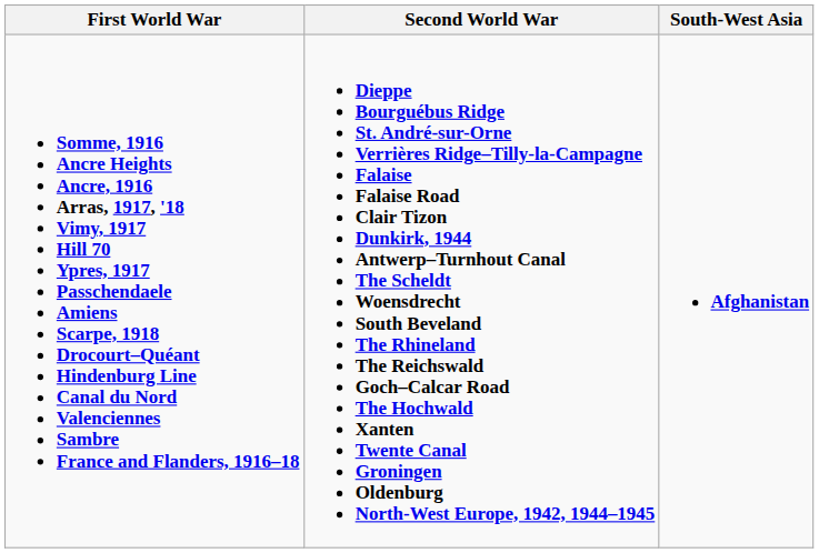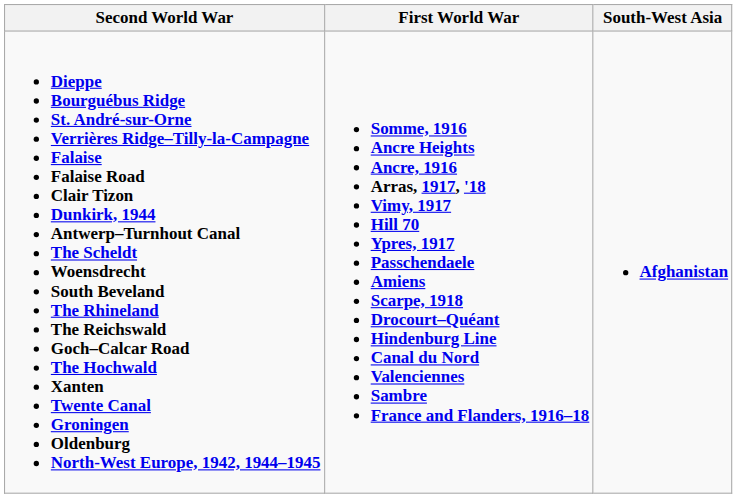 <table class="wikitable">
 <tr>
+<th>Second World War</th>
 <th>First World War</th>
-<th>Second World War</th>
 <th>South-West Asia</th>
 </tr>
 <tr>
+<td><br><ul><li><a href='#'><strong>Dieppe</strong></a></li><li><a href='#'><strong>Bourguébus Ridge</strong></a></li><li><a href='#'><strong>St. André-sur-Orne</strong></a></li><li><strong><a href='#'>Verrières Ridge–Tilly-la-Campagne</a></strong></li><li><a href='#'><strong>Falaise</strong></a></li><li><strong>Falaise Road</strong></li><li><strong>Clair Tizon</strong></li><li><strong><a href='#'>Dunkirk, 1944</a></strong></li><li><strong>Antwerp–Turnhout Canal</strong></li><li><a href='#'><strong>The Scheldt</strong></a></li><li><strong>Woensdrecht</strong></li><li><strong>South Beveland</strong></li><li><a href='#'><strong>The Rhineland</strong></a></li><li><strong>The Reichswald</strong></li><li><strong>Goch–Calcar Road</strong></li><li><a href='#'><strong>The Hochwald</strong></a></li><li><strong>Xanten</strong></li><li><a href='#'><strong>Twente Canal</strong></a></li><li><a href='#'><strong>Groningen</strong></a></li><li><strong>Oldenburg</strong></li><li><strong><a href='#'>North-West Europe, 1942, 1944–1945</a></strong></li></ul></td>
 <td><br><ul><li><strong><a href='#'>Somme, 1916</a></strong></li><li><strong><a href='#'>Ancre Heights</a></strong></li><li><strong><a href='#'>Ancre, 1916</a></strong></li><li><strong>Arras, <a href='#'>1917</a>, <a href='#'>'18</a></strong></li><li><strong><a href='#'>Vimy, 1917</a></strong></li><li><strong><a href='#'>Hill 70</a></strong></li><li><strong><a href='#'>Ypres, 1917</a></strong></li><li><strong><a href='#'>Passchendaele</a></strong></li><li><strong><a href='#'>Amiens</a></strong></li><li><strong><a href='#'>Scarpe, 1918</a></strong></li><li><strong><a href='#'>Drocourt–Quéant</a></strong></li><li><strong><a href='#'>Hindenburg Line</a></strong></li><li><strong><a href='#'>Canal du Nord</a></strong></li><li><strong><a href='#'>Valenciennes</a></strong></li><li><strong><a href='#'>Sambre</a></strong></li><li><strong><a href='#'>France and Flanders, 1916–18</a></strong></li></ul></td>
-<td><br><ul><li><a href='#'><strong>Dieppe</strong></a></li><li><a href='#'><strong>Bourguébus Ridge</strong></a></li><li><a href='#'><strong>St. André-sur-Orne</strong></a></li><li><strong><a href='#'>Verrières Ridge–Tilly-la-Campagne</a></strong></li><li><a href='#'><strong>Falaise</strong></a></li><li><strong>Falaise Road</strong></li><li><strong>Clair Tizon</strong></li><li><strong><a href='#'>Dunkirk, 1944</a></strong></li><li><strong>Antwerp–Turnhout Canal</strong></li><li><a href='#'><strong>The Scheldt</strong></a></li><li><strong>Woensdrecht</strong></li><li><strong>South Beveland</strong></li><li><a href='#'><strong>The Rhineland</strong></a></li><li><strong>The Reichswald</strong></li><li><strong>Goch–Calcar Road</strong></li><li><a href='#'><strong>The Hochwald</strong></a></li><li><strong>Xanten</strong></li><li><a href='#'><strong>Twente Canal</strong></a></li><li><a href='#'><strong>Groningen</strong></a></li><li><strong>Oldenburg</strong></li><li><strong><a href='#'>North-West Europe, 1942, 1944–1945</a></strong></li></ul></td>
 <td><br><ul><li><a href='#'><strong>Afghanistan</strong></a></li></ul></td>
 </tr>
 </table>
